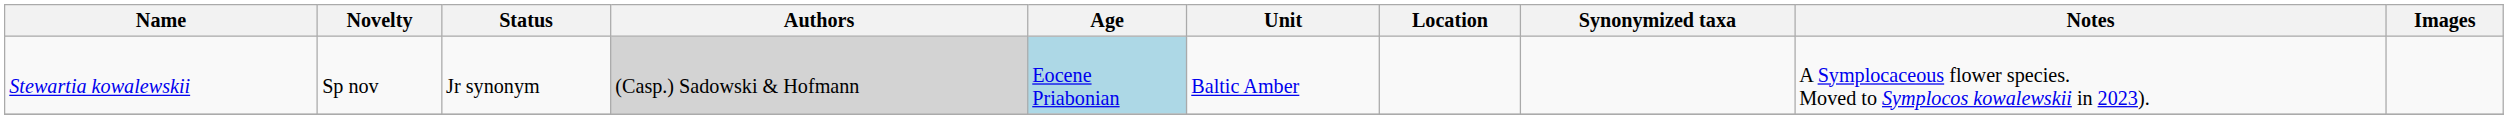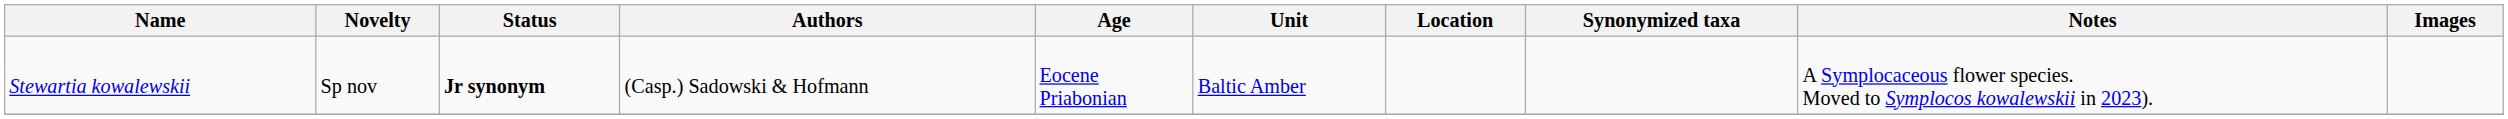 <table class="wikitable sortable" align="center" width="100%">
 <tr>
 <th>Name</th>
 <th>Novelty</th>
 <th>Status</th>
 <th>Authors</th>
 <th>Age</th>
 <th>Unit</th>
 <th>Location</th>
 <th>Synonymized taxa</th>
 <th>Notes</th>
 <th>Images</th>
 </tr>
 <tr>
 <td><br><em><a href='#'>Stewartia kowalewskii</a></em></td>
 <td><br>Sp nov</td>
-<td><br>Jr synonym</td>
-<td style="background: lightgrey;"><br>(Casp.) Sadowski & Hofmann</td>
-<td style="background: lightblue;"><br><a href='#'>Eocene</a><br><a href='#'>Priabonian</a></td>
+<td><strong><br>Jr synonym</strong></td>
+<td><br>(Casp.) Sadowski & Hofmann</td>
+<td><br><a href='#'>Eocene</a><br><a href='#'>Priabonian</a></td>
 <td><br><a href='#'>Baltic Amber</a></td>
 <td><br></td>
 <td></td>
 <td><br>A <a href='#'>Symplocaceous</a> flower species.<br> Moved to <em><a href='#'>Symplocos kowalewskii</a></em> in <a href='#'>2023</a>).</td>
 <td><br></td>
 </tr>
 <tr>
 </tr>
 </table>
